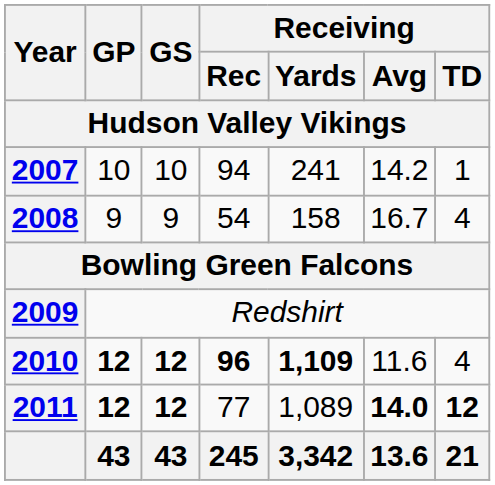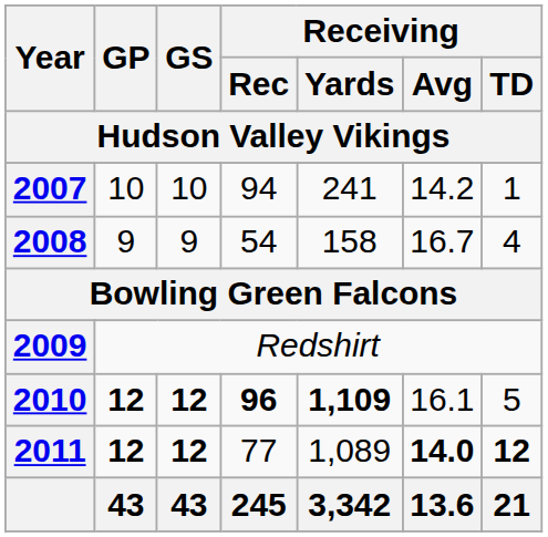 <table class="wikitable" style="text-align:center;">
 <tr>
 <th rowspan="2">Year</th>
 <th rowspan="2">GP</th>
 <th rowspan="2">GS</th>
 <th colspan="4">Receiving</th>
 </tr>
 <tr>
 <th>Rec</th>
 <th>Yards</th>
 <th>Avg</th>
 <th>TD</th>
 </tr>
 <tr>
 <th colspan="15">Hudson Valley Vikings</th>
 </tr>
 <tr>
 <th><a href='#'>2007</a></th>
 <td>10</td>
 <td>10</td>
 <td>94</td>
 <td>241</td>
 <td>14.2</td>
 <td>1</td>
 </tr>
 <tr>
 <th><a href='#'>2008</a></th>
 <td>9</td>
 <td>9</td>
 <td>54</td>
 <td>158</td>
 <td>16.7</td>
 <td>4</td>
 </tr>
 <tr>
 <th colspan="15">Bowling Green Falcons</th>
 </tr>
 <tr>
 <th><a href='#'>2009</a></th>
 <td colspan="10"><em>Redshirt </em></td>
 </tr>
 <tr>
 <th><a href='#'>2010</a></th>
 <td><strong>12</strong></td>
 <td><strong>12</strong></td>
 <td><strong> 96</strong></td>
 <td><strong> 1,109</strong></td>
-<td>11.6</td>
-<td>4</td>
+<td>16.1</td>
+<td>5</td>
 </tr>
 <tr>
 <th><a href='#'>2011</a></th>
 <td><strong>12</strong></td>
 <td><strong>12</strong></td>
 <td>77</td>
 <td>1,089</td>
 <td><strong> 14.0</strong></td>
 <td><strong> 12</strong></td>
 </tr>
 <tr>
 <th ! colspan="1"></th>
 <th>43</th>
 <th>43</th>
 <th>245</th>
 <th>3,342</th>
 <th>13.6</th>
 <th>21</th>
 </tr>
 </table>
